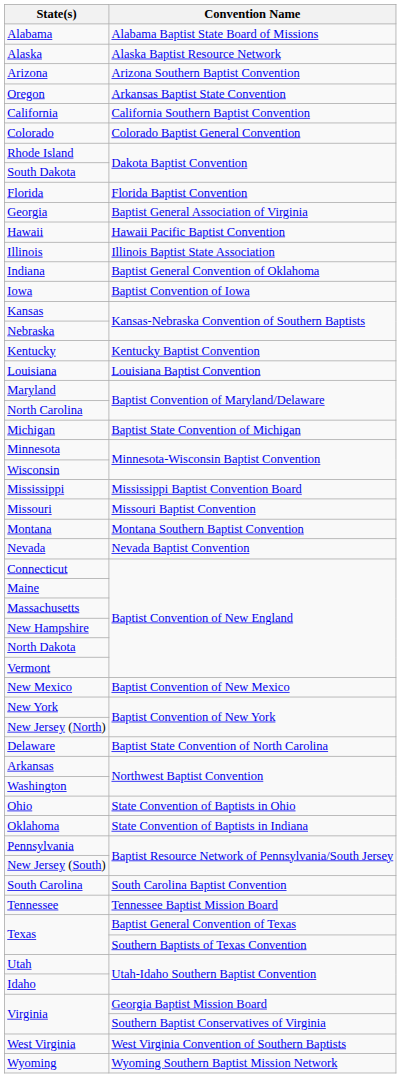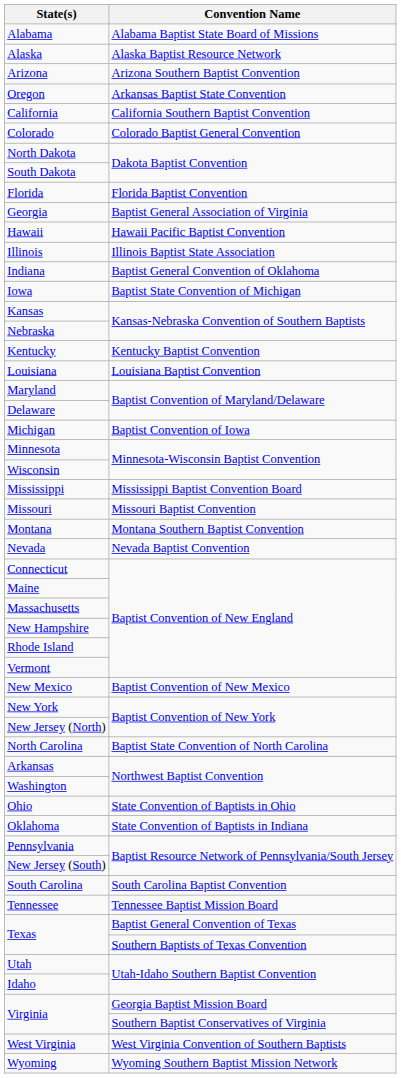 <table class="wikitable sortable">
 <tr>
 <th>State(s)</th>
 <th>Convention Name</th>
 </tr>
 <tr>
 <td><a href='#'>Alabama</a></td>
 <td><a href='#'>Alabama Baptist State Board of Missions</a></td>
 </tr>
 <tr>
 <td><a href='#'>Alaska</a></td>
 <td><a href='#'>Alaska Baptist Resource Network</a></td>
 </tr>
 <tr>
 <td><a href='#'>Arizona</a></td>
 <td><a href='#'>Arizona Southern Baptist Convention</a></td>
 </tr>
 <tr>
 <td><a href='#'>Oregon</a></td>
 <td><a href='#'>Arkansas Baptist State Convention</a></td>
 </tr>
 <tr>
 <td><a href='#'>California</a></td>
 <td><a href='#'>California Southern Baptist Convention</a></td>
 </tr>
 <tr>
 <td><a href='#'>Colorado</a></td>
 <td><a href='#'>Colorado Baptist General Convention</a></td>
 </tr>
 <tr>
-<td><a href='#'>Rhode Island</a></td>
+<td><a href='#'>North Dakota</a></td>
 <td rowspan="2"><a href='#'>Dakota Baptist Convention</a></td>
 </tr>
 <tr>
 <td><a href='#'>South Dakota</a></td>
 </tr>
 <tr>
 <td><a href='#'>Florida</a></td>
 <td><a href='#'>Florida Baptist Convention</a></td>
 </tr>
 <tr>
 <td><a href='#'>Georgia</a></td>
 <td><a href='#'>Baptist General Association of Virginia</a></td>
 </tr>
 <tr>
 <td><a href='#'>Hawaii</a></td>
 <td><a href='#'>Hawaii Pacific Baptist Convention</a></td>
 </tr>
 <tr>
 <td><a href='#'>Illinois</a></td>
 <td><a href='#'>Illinois Baptist State Association</a></td>
 </tr>
 <tr>
 <td><a href='#'>Indiana</a></td>
 <td><a href='#'>Baptist General Convention of Oklahoma</a></td>
 </tr>
 <tr>
 <td><a href='#'>Iowa</a></td>
-<td><a href='#'>Baptist Convention of Iowa</a></td>
+<td><a href='#'>Baptist State Convention of Michigan</a></td>
 </tr>
 <tr>
 <td><a href='#'>Kansas</a></td>
 <td rowspan="2"><a href='#'>Kansas-Nebraska Convention of Southern Baptists</a></td>
 </tr>
 <tr>
 <td><a href='#'>Nebraska</a></td>
 </tr>
 <tr>
 <td><a href='#'>Kentucky</a></td>
 <td><a href='#'>Kentucky Baptist Convention</a></td>
 </tr>
 <tr>
 <td><a href='#'>Louisiana</a></td>
 <td><a href='#'>Louisiana Baptist Convention</a></td>
 </tr>
 <tr>
 <td><a href='#'>Maryland</a></td>
 <td rowspan="2"><a href='#'>Baptist Convention of Maryland/Delaware</a></td>
 </tr>
 <tr>
-<td><a href='#'>North Carolina</a></td>
+<td><a href='#'>Delaware</a></td>
 </tr>
 <tr>
 <td><a href='#'>Michigan</a></td>
-<td><a href='#'>Baptist State Convention of Michigan</a></td>
+<td><a href='#'>Baptist Convention of Iowa</a></td>
 </tr>
 <tr>
 <td><a href='#'>Minnesota</a></td>
 <td rowspan="2"><a href='#'>Minnesota-Wisconsin Baptist Convention</a></td>
 </tr>
 <tr>
 <td><a href='#'>Wisconsin</a></td>
 </tr>
 <tr>
 <td><a href='#'>Mississippi</a></td>
 <td><a href='#'>Mississippi Baptist Convention Board</a></td>
 </tr>
 <tr>
 <td><a href='#'>Missouri</a></td>
 <td><a href='#'>Missouri Baptist Convention</a></td>
 </tr>
 <tr>
 <td><a href='#'>Montana</a></td>
 <td><a href='#'>Montana Southern Baptist Convention</a></td>
 </tr>
 <tr>
 <td><a href='#'>Nevada</a></td>
 <td><a href='#'>Nevada Baptist Convention</a></td>
 </tr>
 <tr>
 <td><a href='#'>Connecticut</a></td>
 <td rowspan="6"><a href='#'>Baptist Convention of New England</a></td>
 </tr>
 <tr>
 <td><a href='#'>Maine</a></td>
 </tr>
 <tr>
 <td><a href='#'>Massachusetts</a></td>
 </tr>
 <tr>
 <td><a href='#'>New Hampshire</a></td>
 </tr>
 <tr>
-<td><a href='#'>North Dakota</a></td>
+<td><a href='#'>Rhode Island</a></td>
 </tr>
 <tr>
 <td><a href='#'>Vermont</a></td>
 </tr>
 <tr>
 <td><a href='#'>New Mexico</a></td>
 <td><a href='#'>Baptist Convention of New Mexico</a></td>
 </tr>
 <tr>
 <td><a href='#'>New York</a></td>
 <td rowspan="2"><a href='#'>Baptist Convention of New York</a></td>
 </tr>
 <tr>
 <td><a href='#'>New Jersey</a> (<a href='#'>North</a>)</td>
 </tr>
 <tr>
-<td><a href='#'>Delaware</a></td>
+<td><a href='#'>North Carolina</a></td>
 <td><a href='#'>Baptist State Convention of North Carolina</a></td>
 </tr>
 <tr>
 <td><a href='#'>Arkansas</a></td>
 <td rowspan="2"><a href='#'>Northwest Baptist Convention</a></td>
 </tr>
 <tr>
 <td><a href='#'>Washington</a></td>
 </tr>
 <tr>
 <td><a href='#'>Ohio</a></td>
 <td><a href='#'>State Convention of Baptists in Ohio</a></td>
 </tr>
 <tr>
 <td><a href='#'>Oklahoma</a></td>
 <td><a href='#'>State Convention of Baptists in Indiana</a></td>
 </tr>
 <tr>
 <td><a href='#'>Pennsylvania</a></td>
 <td rowspan="2"><a href='#'>Baptist Resource Network of Pennsylvania/South Jersey</a></td>
 </tr>
 <tr>
 <td><a href='#'>New Jersey</a> (<a href='#'>South</a>)</td>
 </tr>
 <tr>
 <td><a href='#'>South Carolina</a></td>
 <td><a href='#'>South Carolina Baptist Convention</a></td>
 </tr>
 <tr>
 <td><a href='#'>Tennessee</a></td>
 <td><a href='#'>Tennessee Baptist Mission Board</a></td>
 </tr>
 <tr>
 <td rowspan="2"><a href='#'>Texas</a></td>
 <td><a href='#'>Baptist General Convention of Texas</a></td>
 </tr>
 <tr>
 <td><a href='#'>Southern Baptists of Texas Convention</a></td>
 </tr>
 <tr>
 <td><a href='#'>Utah</a></td>
 <td rowspan="2"><a href='#'>Utah-Idaho Southern Baptist Convention</a></td>
 </tr>
 <tr>
 <td><a href='#'>Idaho</a></td>
 </tr>
 <tr>
 <td rowspan="2"><a href='#'>Virginia</a></td>
 <td><a href='#'>Georgia Baptist Mission Board</a></td>
 </tr>
 <tr>
 <td><a href='#'>Southern Baptist Conservatives of Virginia</a></td>
 </tr>
 <tr>
 <td><a href='#'>West Virginia</a></td>
 <td><a href='#'>West Virginia Convention of Southern Baptists</a></td>
 </tr>
 <tr>
 <td><a href='#'>Wyoming</a></td>
 <td><a href='#'>Wyoming Southern Baptist Mission Network</a></td>
 </tr>
 </table>
